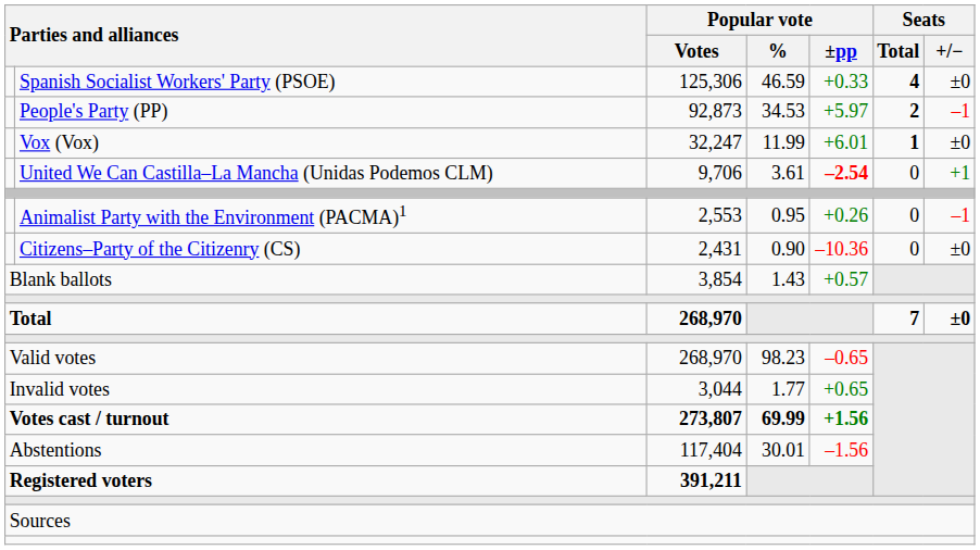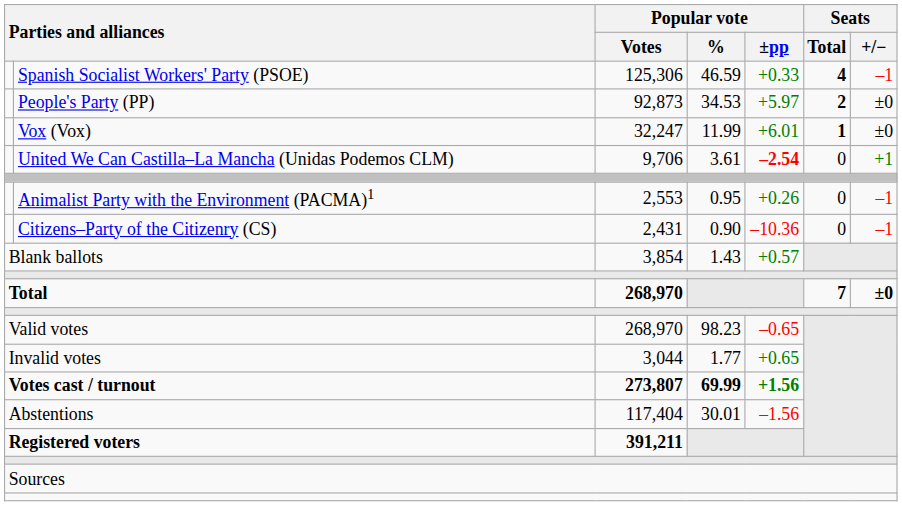 <table class="wikitable" style="text-align:right;">
 <tr>
 <th style="text-align:left;" rowspan="2" colspan="2" width="525">Parties and alliances</th>
 <th colspan="3">Popular vote</th>
 <th colspan="2">Seats</th>
 </tr>
 <tr>
 <th width="75">Votes</th>
 <th width="45">%</th>
 <th width="45">±<a href='#'>pp</a></th>
 <th width="35">Total</th>
 <th width="35">+/−</th>
 </tr>
 <tr>
 <td width="1" style="color:inherit;background:"></td>
 <td align="left"><a href='#'>Spanish Socialist Workers' Party</a> (PSOE)</td>
 <td>125,306</td>
 <td>46.59</td>
 <td style="color:green;">+0.33</td>
 <td><strong>4</strong></td>
-<td>±0</td>
+<td style="color:red;">–1</td>
 </tr>
 <tr>
 <td style="color:inherit;background:"></td>
 <td align="left"><a href='#'>People's Party</a> (PP)</td>
 <td>92,873</td>
 <td>34.53</td>
 <td style="color:green;">+5.97</td>
 <td><strong>2</strong></td>
-<td style="color:red;">–1</td>
+<td>±0</td>
 </tr>
 <tr>
 <td style="color:inherit;background:"></td>
 <td align="left"><a href='#'>Vox</a> (Vox)</td>
 <td>32,247</td>
 <td>11.99</td>
 <td style="color:green;">+6.01</td>
 <td><strong>1</strong></td>
 <td>±0</td>
 </tr>
 <tr>
 <td style="color:inherit;background:"></td>
 <td align="left"><a href='#'>United We Can Castilla–La Mancha</a> (Unidas Podemos CLM)</td>
 <td>9,706</td>
 <td>3.61</td>
 <td style="color:red;"><strong>–2.54</strong></td>
 <td>0</td>
 <td style="color:green;">+1</td>
 </tr>
 <tr>
 <td colspan="7" bgcolor="#C0C0C0"></td>
 </tr>
 <tr>
 <td style="color:inherit;background:"></td>
 <td align="left"><a href='#'>Animalist Party with the Environment</a> (PACMA)<sup>1</sup></td>
 <td>2,553</td>
 <td>0.95</td>
 <td style="color:green;">+0.26</td>
 <td>0</td>
 <td style="color:red;">–1</td>
 </tr>
 <tr>
 <td style="color:inherit;background:"></td>
 <td align="left"><a href='#'>Citizens–Party of the Citizenry</a> (CS)</td>
 <td>2,431</td>
 <td>0.90</td>
 <td style="color:red;">–10.36</td>
 <td>0</td>
-<td>±0</td>
+<td style="color:red;">–1</td>
 </tr>
 <tr>
 <td align="left" colspan="2">Blank ballots</td>
 <td>3,854</td>
 <td>1.43</td>
 <td style="color:green;">+0.57</td>
 <td bgcolor="#E9E9E9" colspan="2"></td>
 </tr>
 <tr>
 <td colspan="7" bgcolor="#E9E9E9"></td>
 </tr>
 <tr style="font-weight:bold;">
 <td align="left" colspan="2">Total</td>
 <td>268,970</td>
 <td bgcolor="#E9E9E9" colspan="2"></td>
 <td>7</td>
 <td>±0</td>
 </tr>
 <tr>
 <td colspan="7" bgcolor="#E9E9E9"></td>
 </tr>
 <tr>
 <td align="left" colspan="2">Valid votes</td>
 <td>268,970</td>
 <td>98.23</td>
 <td style="color:red;">–0.65</td>
 <td bgcolor="#E9E9E9" colspan="2" rowspan="5"></td>
 </tr>
 <tr>
 <td align="left" colspan="2">Invalid votes</td>
 <td>3,044</td>
 <td>1.77</td>
 <td style="color:green;">+0.65</td>
 </tr>
 <tr style="font-weight:bold;">
 <td align="left" colspan="2">Votes cast / turnout</td>
 <td>273,807</td>
 <td>69.99</td>
 <td style="color:green;">+1.56</td>
 </tr>
 <tr>
 <td align="left" colspan="2">Abstentions</td>
 <td>117,404</td>
 <td>30.01</td>
 <td style="color:red;">–1.56</td>
 </tr>
 <tr style="font-weight:bold;">
 <td align="left" colspan="2">Registered voters</td>
 <td>391,211</td>
 <td bgcolor="#E9E9E9" colspan="2"></td>
 </tr>
 <tr>
 <td colspan="7" bgcolor="#E9E9E9"></td>
 </tr>
 <tr>
 <td align="left" colspan="7">Sources</td>
 </tr>
 <tr>
 <td colspan="7" style="text-align:left; max-width:790px;"></td>
 </tr>
 </table>
